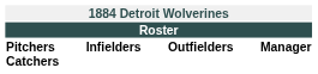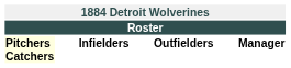 <table class="toccolours" style="font-size: 95%;">
 <tr>
 <th colspan="10" style="background-color: #F0F0F0; color: #2F4F4F; text-align: center;">1884 Detroit Wolverines</th>
 </tr>
 <tr>
 <td colspan="10" style="background-color: #2F4F4F; color: white; text-align: center;"><strong>Roster</strong></td>
 </tr>
 <tr>
-<td valign="top"><strong>Pitchers</strong><br>   <strong>Catchers</strong>       </td>
+<td valign="top" style="background: lightyellow;"><strong>Pitchers</strong><br>   <strong>Catchers</strong>       </td>
 <td width="25px"></td>
 <td valign="top"><strong>Infielders</strong><br>         </td>
 <td width="25px"></td>
 <td valign="top"><strong>Outfielders</strong><br>     </td>
 <td width="25px"></td>
 <td valign="top"><strong>Manager</strong><br></td>
 </tr>
 </table>
